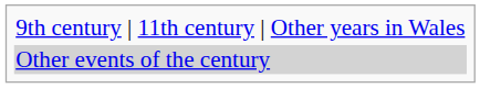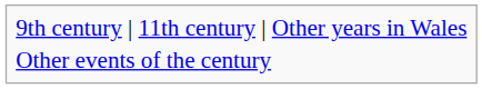 <table class="infobox" id="toc">
 <tr>
 <td align="left"><a href='#'>9th century</a> | <a href='#'>11th century</a> | <a href='#'>Other years in Wales</a></td>
 </tr>
 <tr>
-<td style="background: lightgrey;"><a href='#'>Other events of the century</a></td>
+<td><a href='#'>Other events of the century</a></td>
 </tr>
 </table>
